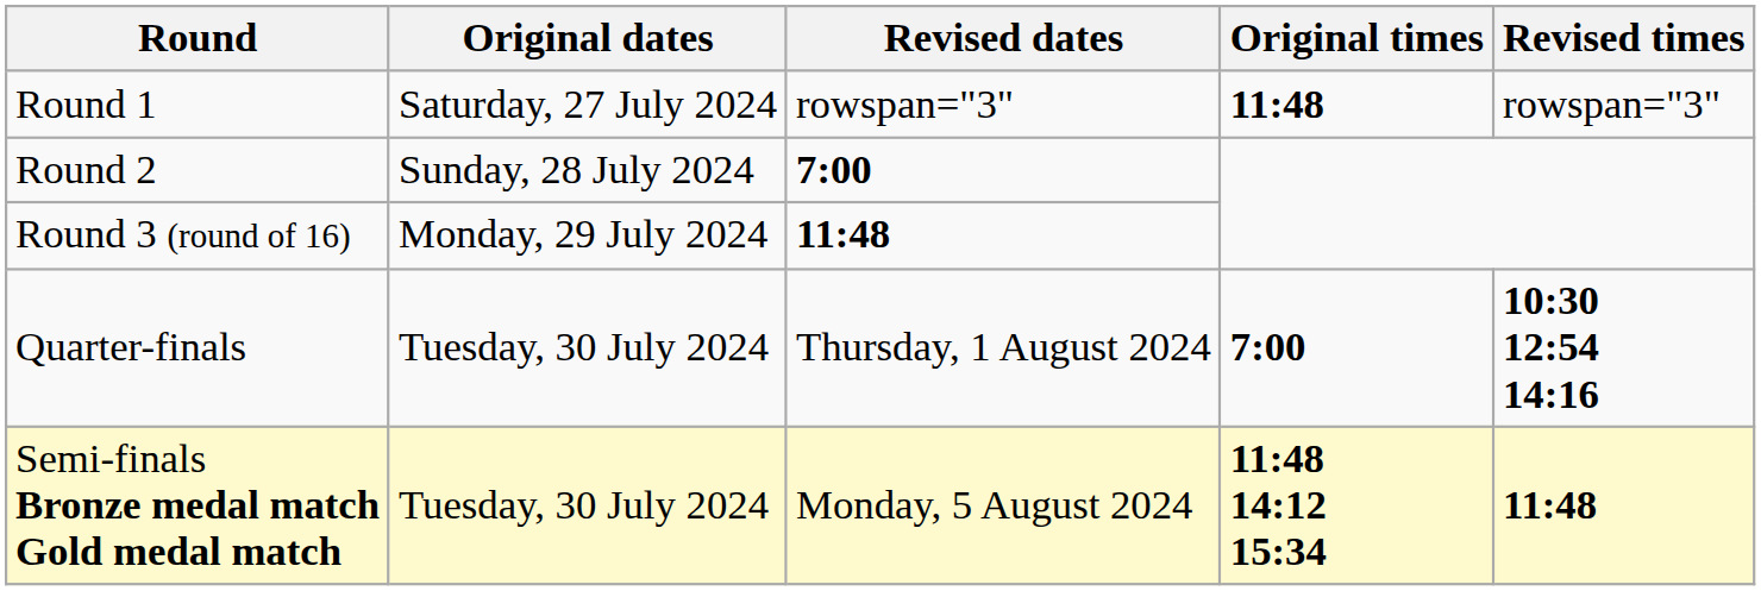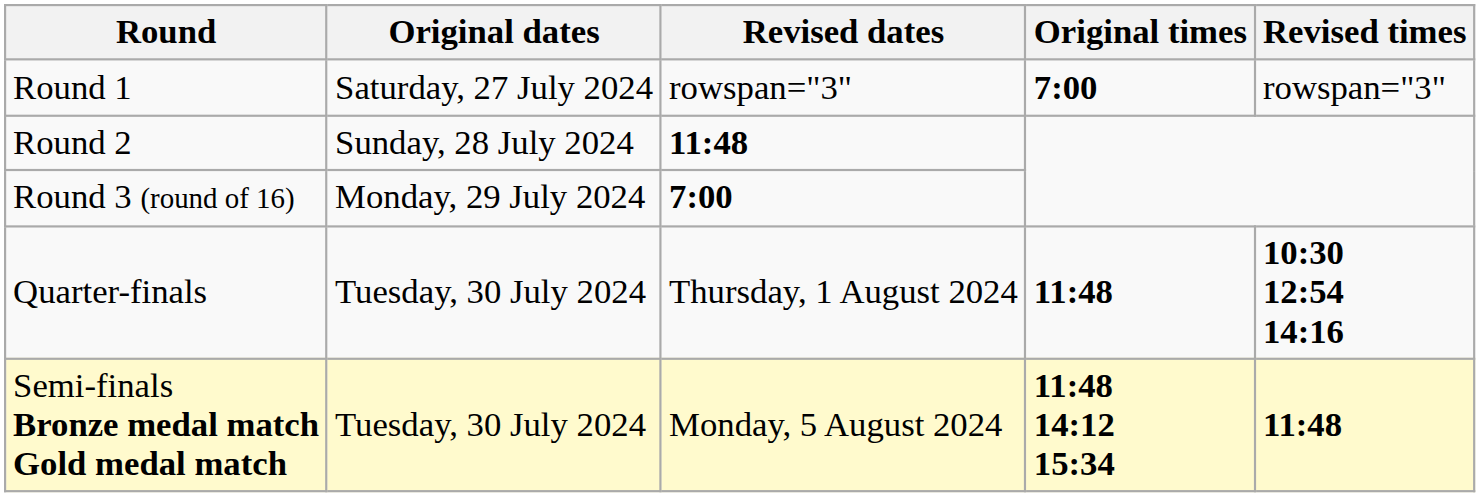 <table class="wikitable">
 <tr>
 <th>Round</th>
 <th>Original dates</th>
 <th>Revised dates</th>
 <th>Original times</th>
 <th>Revised times</th>
 </tr>
 <tr>
 <td>Round 1</td>
 <td>Saturday, 27 July 2024</td>
 <td>rowspan="3" </td>
-<td><strong>11:48</strong></td>
+<td><strong>7:00</strong></td>
 <td>rowspan="3" </td>
 </tr>
 <tr>
 <td>Round 2</td>
 <td>Sunday, 28 July 2024</td>
-<td><strong>7:00</strong></td>
+<td><strong>11:48</strong></td>
 </tr>
 <tr>
 <td>Round 3 <small>(round of 16)</small></td>
 <td>Monday, 29 July 2024</td>
-<td><strong>11:48</strong></td>
+<td><strong>7:00</strong></td>
 </tr>
 <tr>
 <td>Quarter-finals</td>
 <td>Tuesday, 30 July 2024</td>
 <td>Thursday, 1 August 2024</td>
-<td><strong>7:00</strong></td>
+<td><strong>11:48</strong></td>
 <td><strong>10:30</strong><br><strong>12:54</strong><br><strong>14:16</strong></td>
 </tr>
 <tr style=background:lemonchiffon>
 <td>Semi-finals<br><strong>Bronze medal match</strong><br><strong>Gold medal match</strong></td>
 <td>Tuesday, 30 July 2024</td>
 <td>Monday, 5 August 2024</td>
 <td><strong>11:48</strong><br><strong>14:12</strong><br><strong>15:34</strong></td>
 <td><strong>11:48</strong></td>
 </tr>
 </table>
